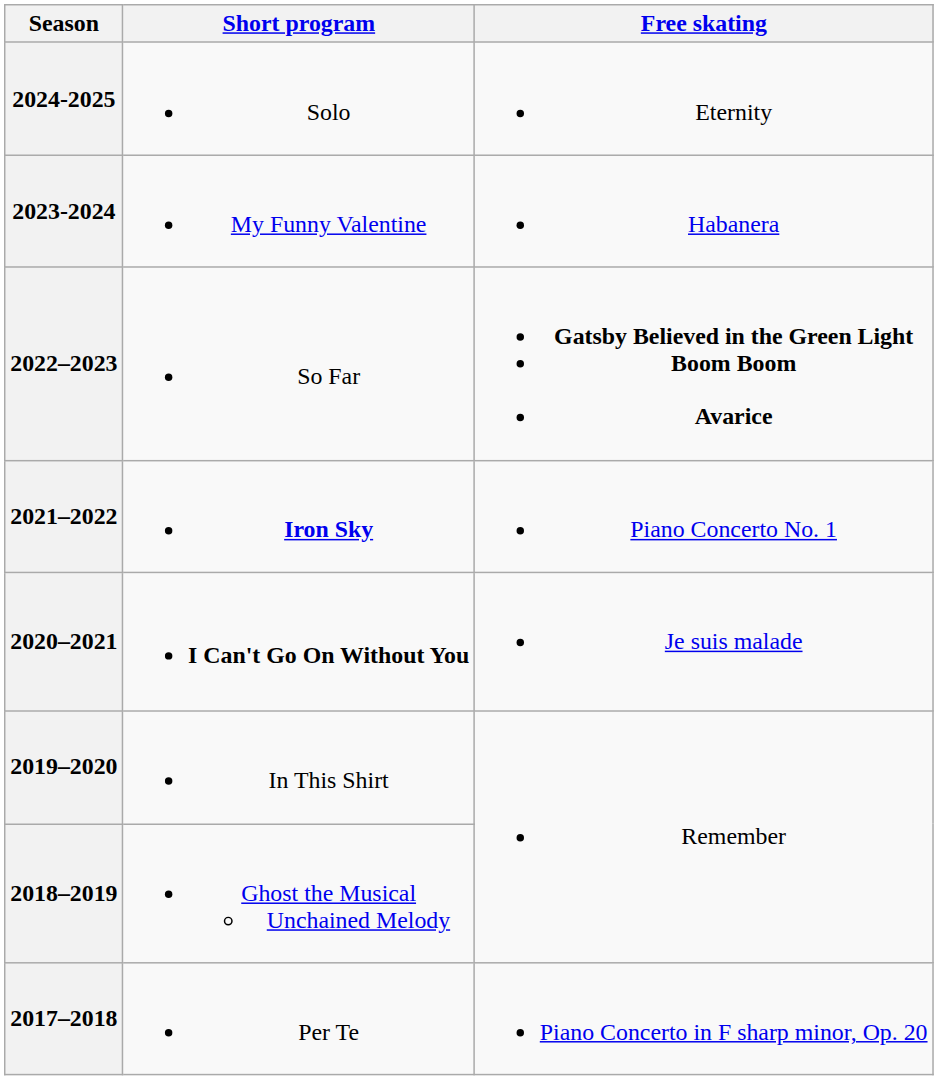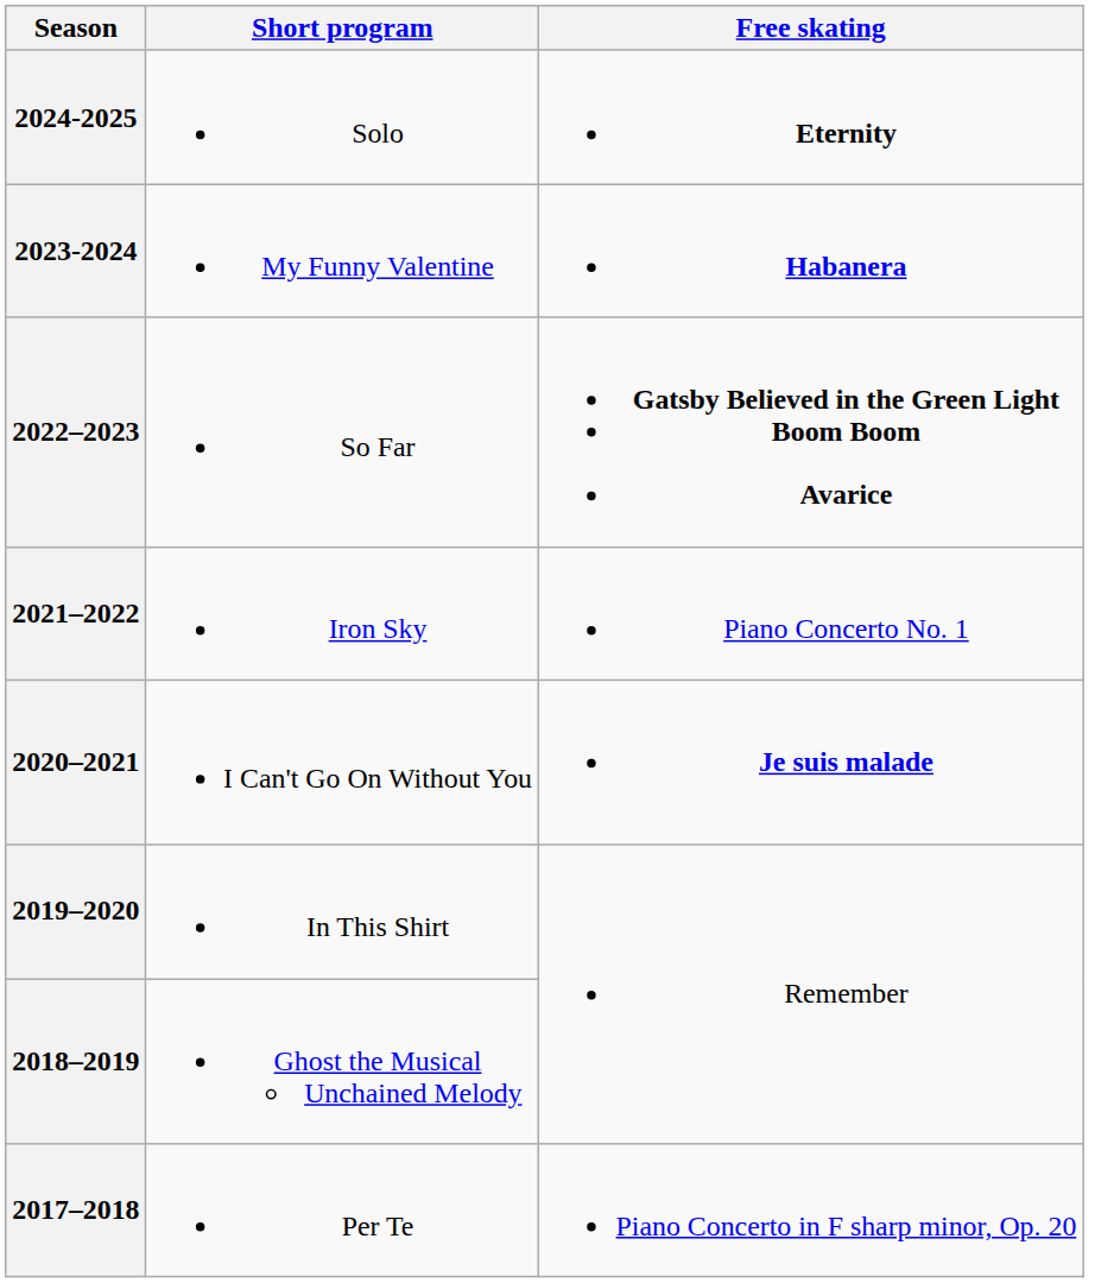 <table class=wikitable style=text-align:center>
 <tr>
 <th>Season</th>
 <th><a href='#'>Short program</a></th>
 <th><a href='#'>Free skating</a></th>
 </tr>
 <tr>
 <th>2024-2025</th>
 <td><br><ul><li>Solo <br> </li></ul></td>
-<td><br><ul><li>Eternity <br> </li></ul></td>
+<td><strong><br><ul><li>Eternity <br> </li></ul></strong></td>
 </tr>
 <tr>
 <th>2023-2024</th>
 <td><br><ul><li><a href='#'>My Funny Valentine</a> <br> </li></ul></td>
-<td><br><ul><li><a href='#'>Habanera</a> <br> </li></ul></td>
+<td><strong><br><ul><li><a href='#'>Habanera</a> <br> </li></ul></strong></td>
 </tr>
 <tr>
 <th>2022–2023</th>
 <td><br><ul><li>So Far<br></li></ul></td>
 <td><strong><br><ul><li>Gatsby Believed in the Green Light <br> </li><li>Boom Boom <br> <br></li><li>Avarice <br></li></ul></strong></td>
 </tr>
 <tr>
 <th>2021–2022 <br></th>
-<td><strong><br><ul><li><a href='#'>Iron Sky</a> <br> </li></ul></strong></td>
+<td><br><ul><li><a href='#'>Iron Sky</a> <br> </li></ul></td>
 <td><br><ul><li><a href='#'>Piano Concerto No. 1</a> <br> </li></ul></td>
 </tr>
 <tr>
 <th>2020–2021 <br></th>
-<td><strong><br><ul><li>I Can't Go On Without You <br> </li></ul></strong></td>
-<td><br><ul><li><a href='#'>Je suis malade</a> <br> <br></li></ul></td>
+<td><br><ul><li>I Can't Go On Without You <br> </li></ul></td>
+<td><strong><br><ul><li><a href='#'>Je suis malade</a> <br> <br></li></ul></strong></td>
 </tr>
 <tr>
 <th>2019–2020 <br></th>
 <td><br><ul><li>In This Shirt <br></li></ul></td>
 <td rowspan="2"><br><ul><li>Remember <br> <br></li></ul></td>
 </tr>
 <tr>
 <th>2018–2019</th>
 <td><br><ul><li><a href='#'>Ghost the Musical</a> <br><ul><li><a href='#'>Unchained Melody</a></li></ul></li></ul></td>
 </tr>
 <tr>
 <th>2017–2018 <br></th>
 <td><br><ul><li>Per Te <br></li></ul></td>
 <td><br><ul><li><a href='#'>Piano Concerto in F sharp minor, Op. 20</a> <br></li></ul></td>
 </tr>
 </table>
